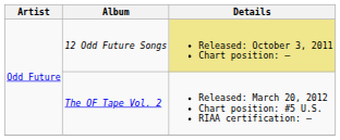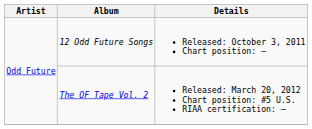 <table class="wikitable sortable">
 <tr>
 <th>Artist</th>
 <th>Album</th>
 <th class="unsortable">Details</th>
 </tr>
 <tr>
 <td rowspan="2"><a href='#'>Odd Future</a></td>
 <td><em>12 Odd Future Songs</em></td>
-<td style="background: khaki;"><br><ul><li>Released: October 3, 2011</li><li>Chart position: —</li></ul></td>
+<td><br><ul><li>Released: October 3, 2011</li><li>Chart position: —</li></ul></td>
 </tr>
 <tr>
 <td><em><a href='#'>The OF Tape Vol. 2</a></em></td>
 <td><br><ul><li>Released: March 20, 2012</li><li>Chart position: #5 U.S.</li><li>RIAA certification: —</li></ul></td>
 </tr>
 <tr>
 </tr>
 </table>
